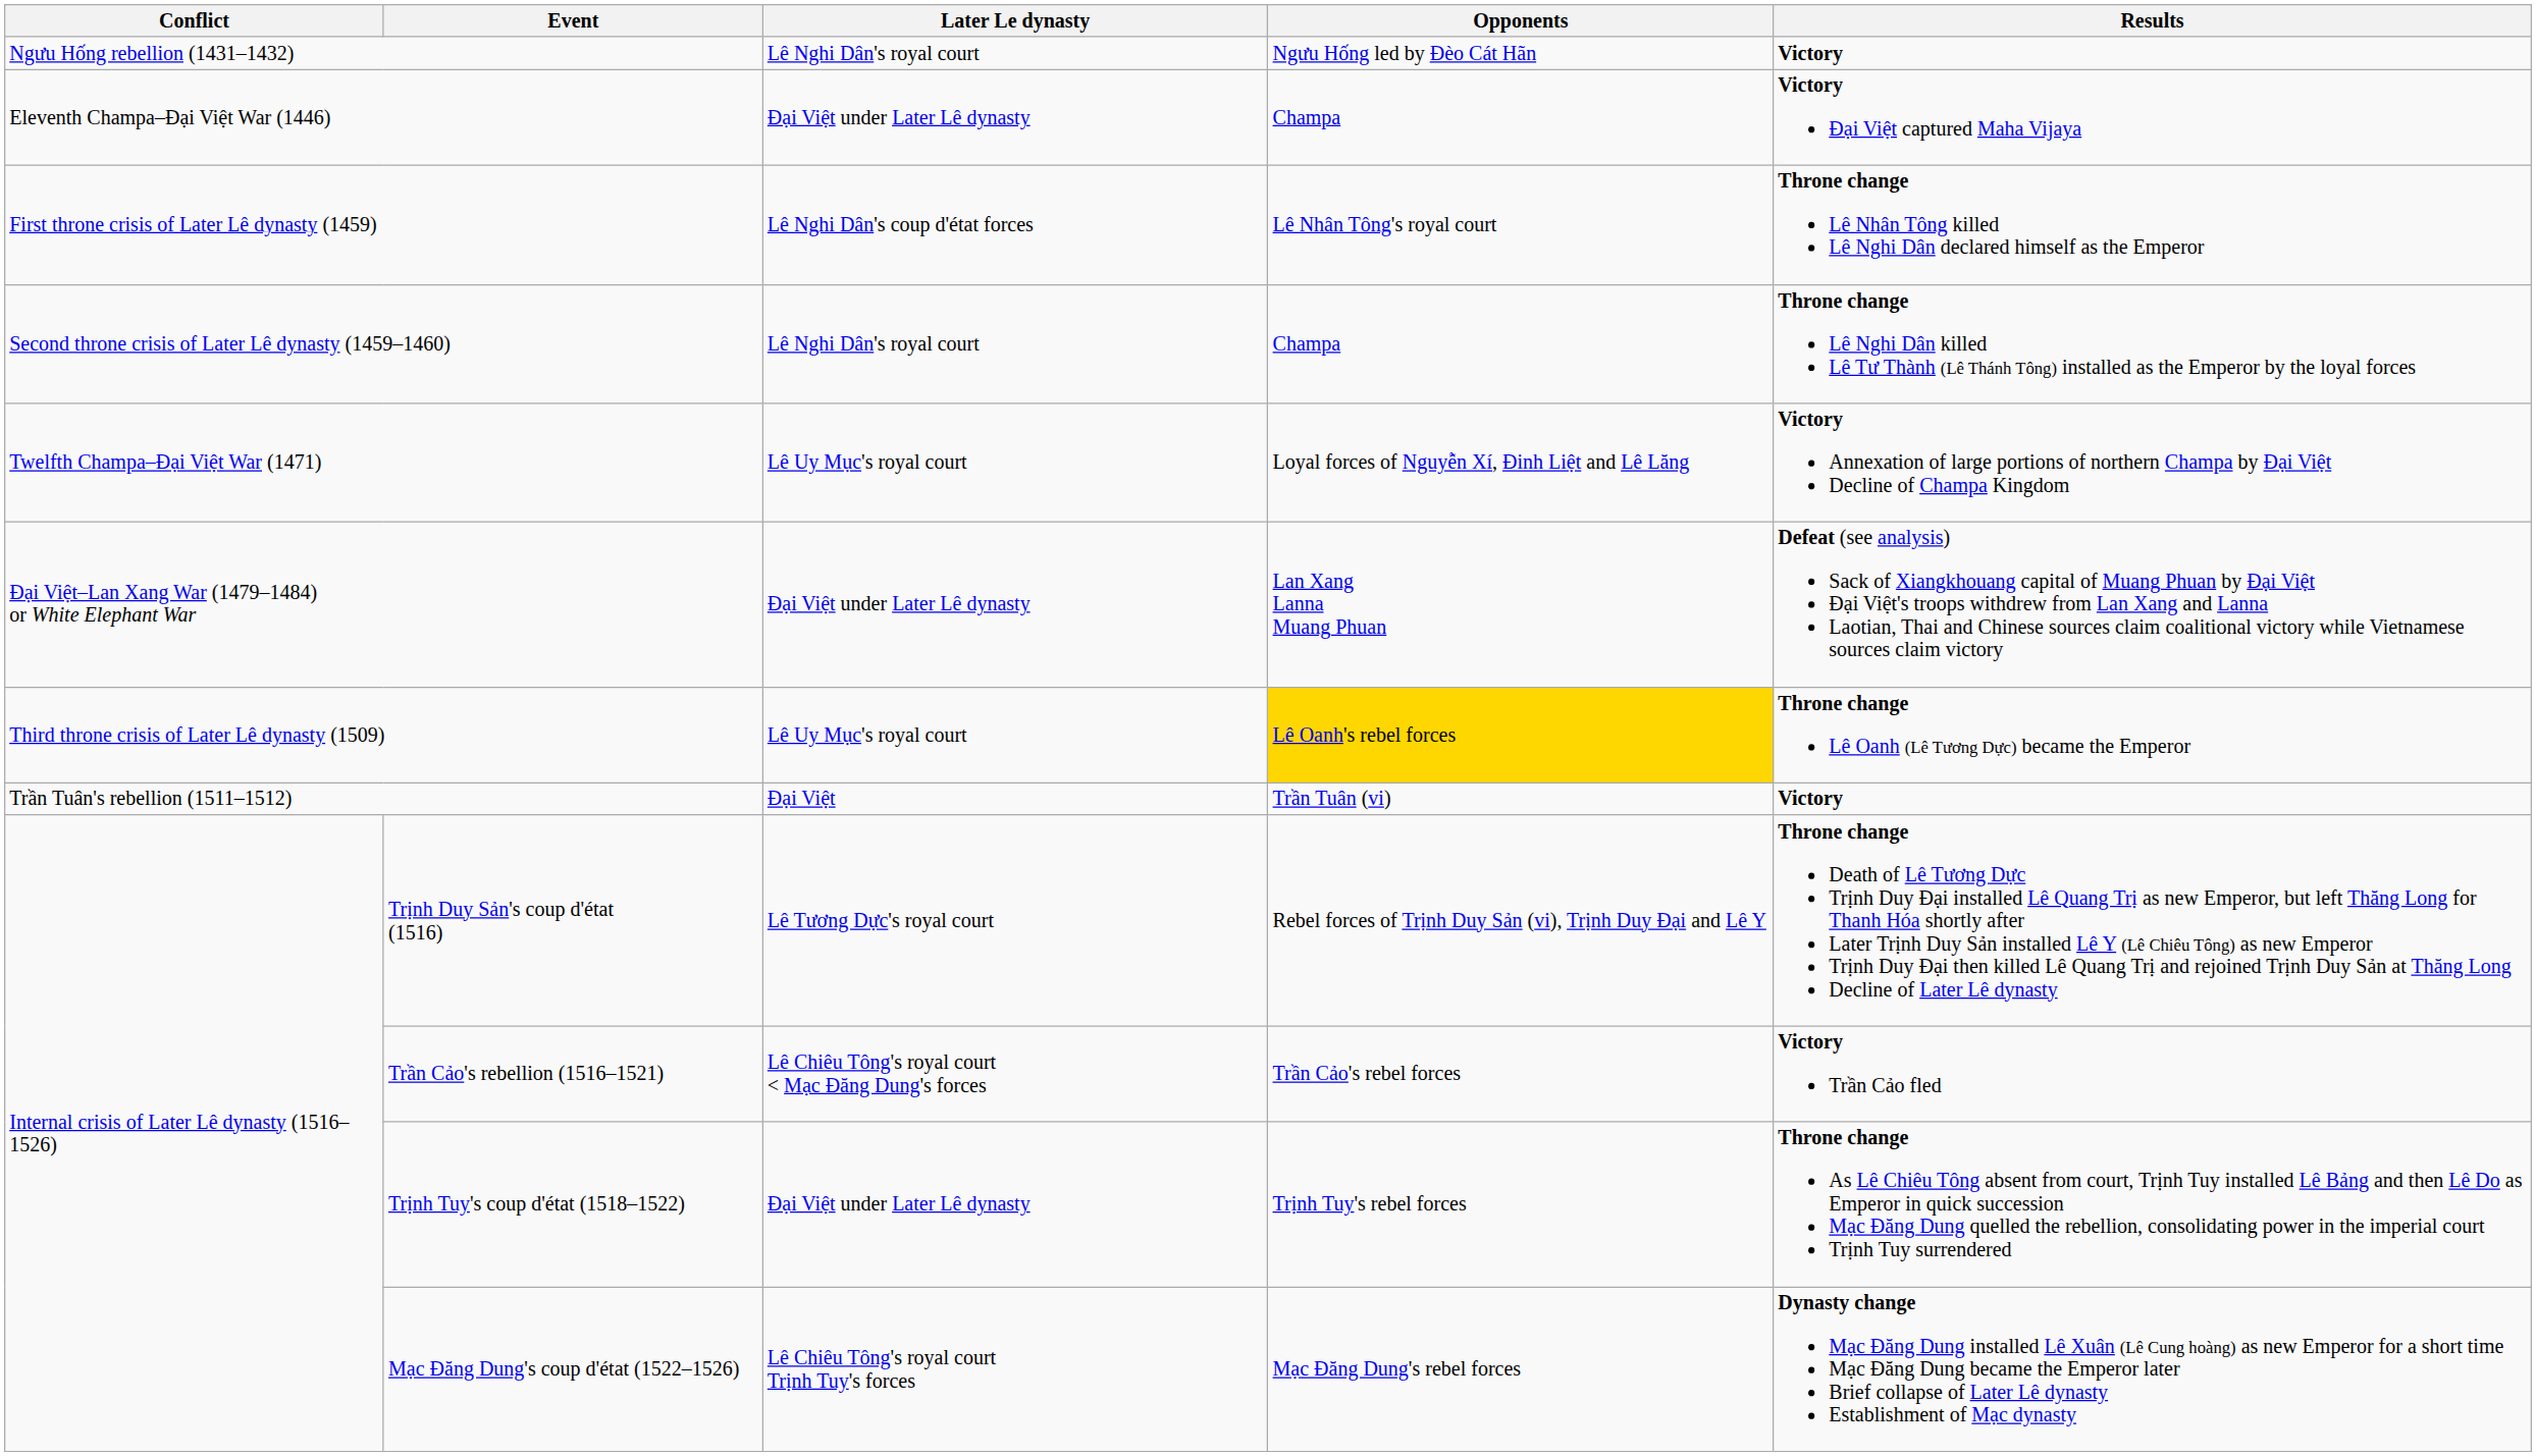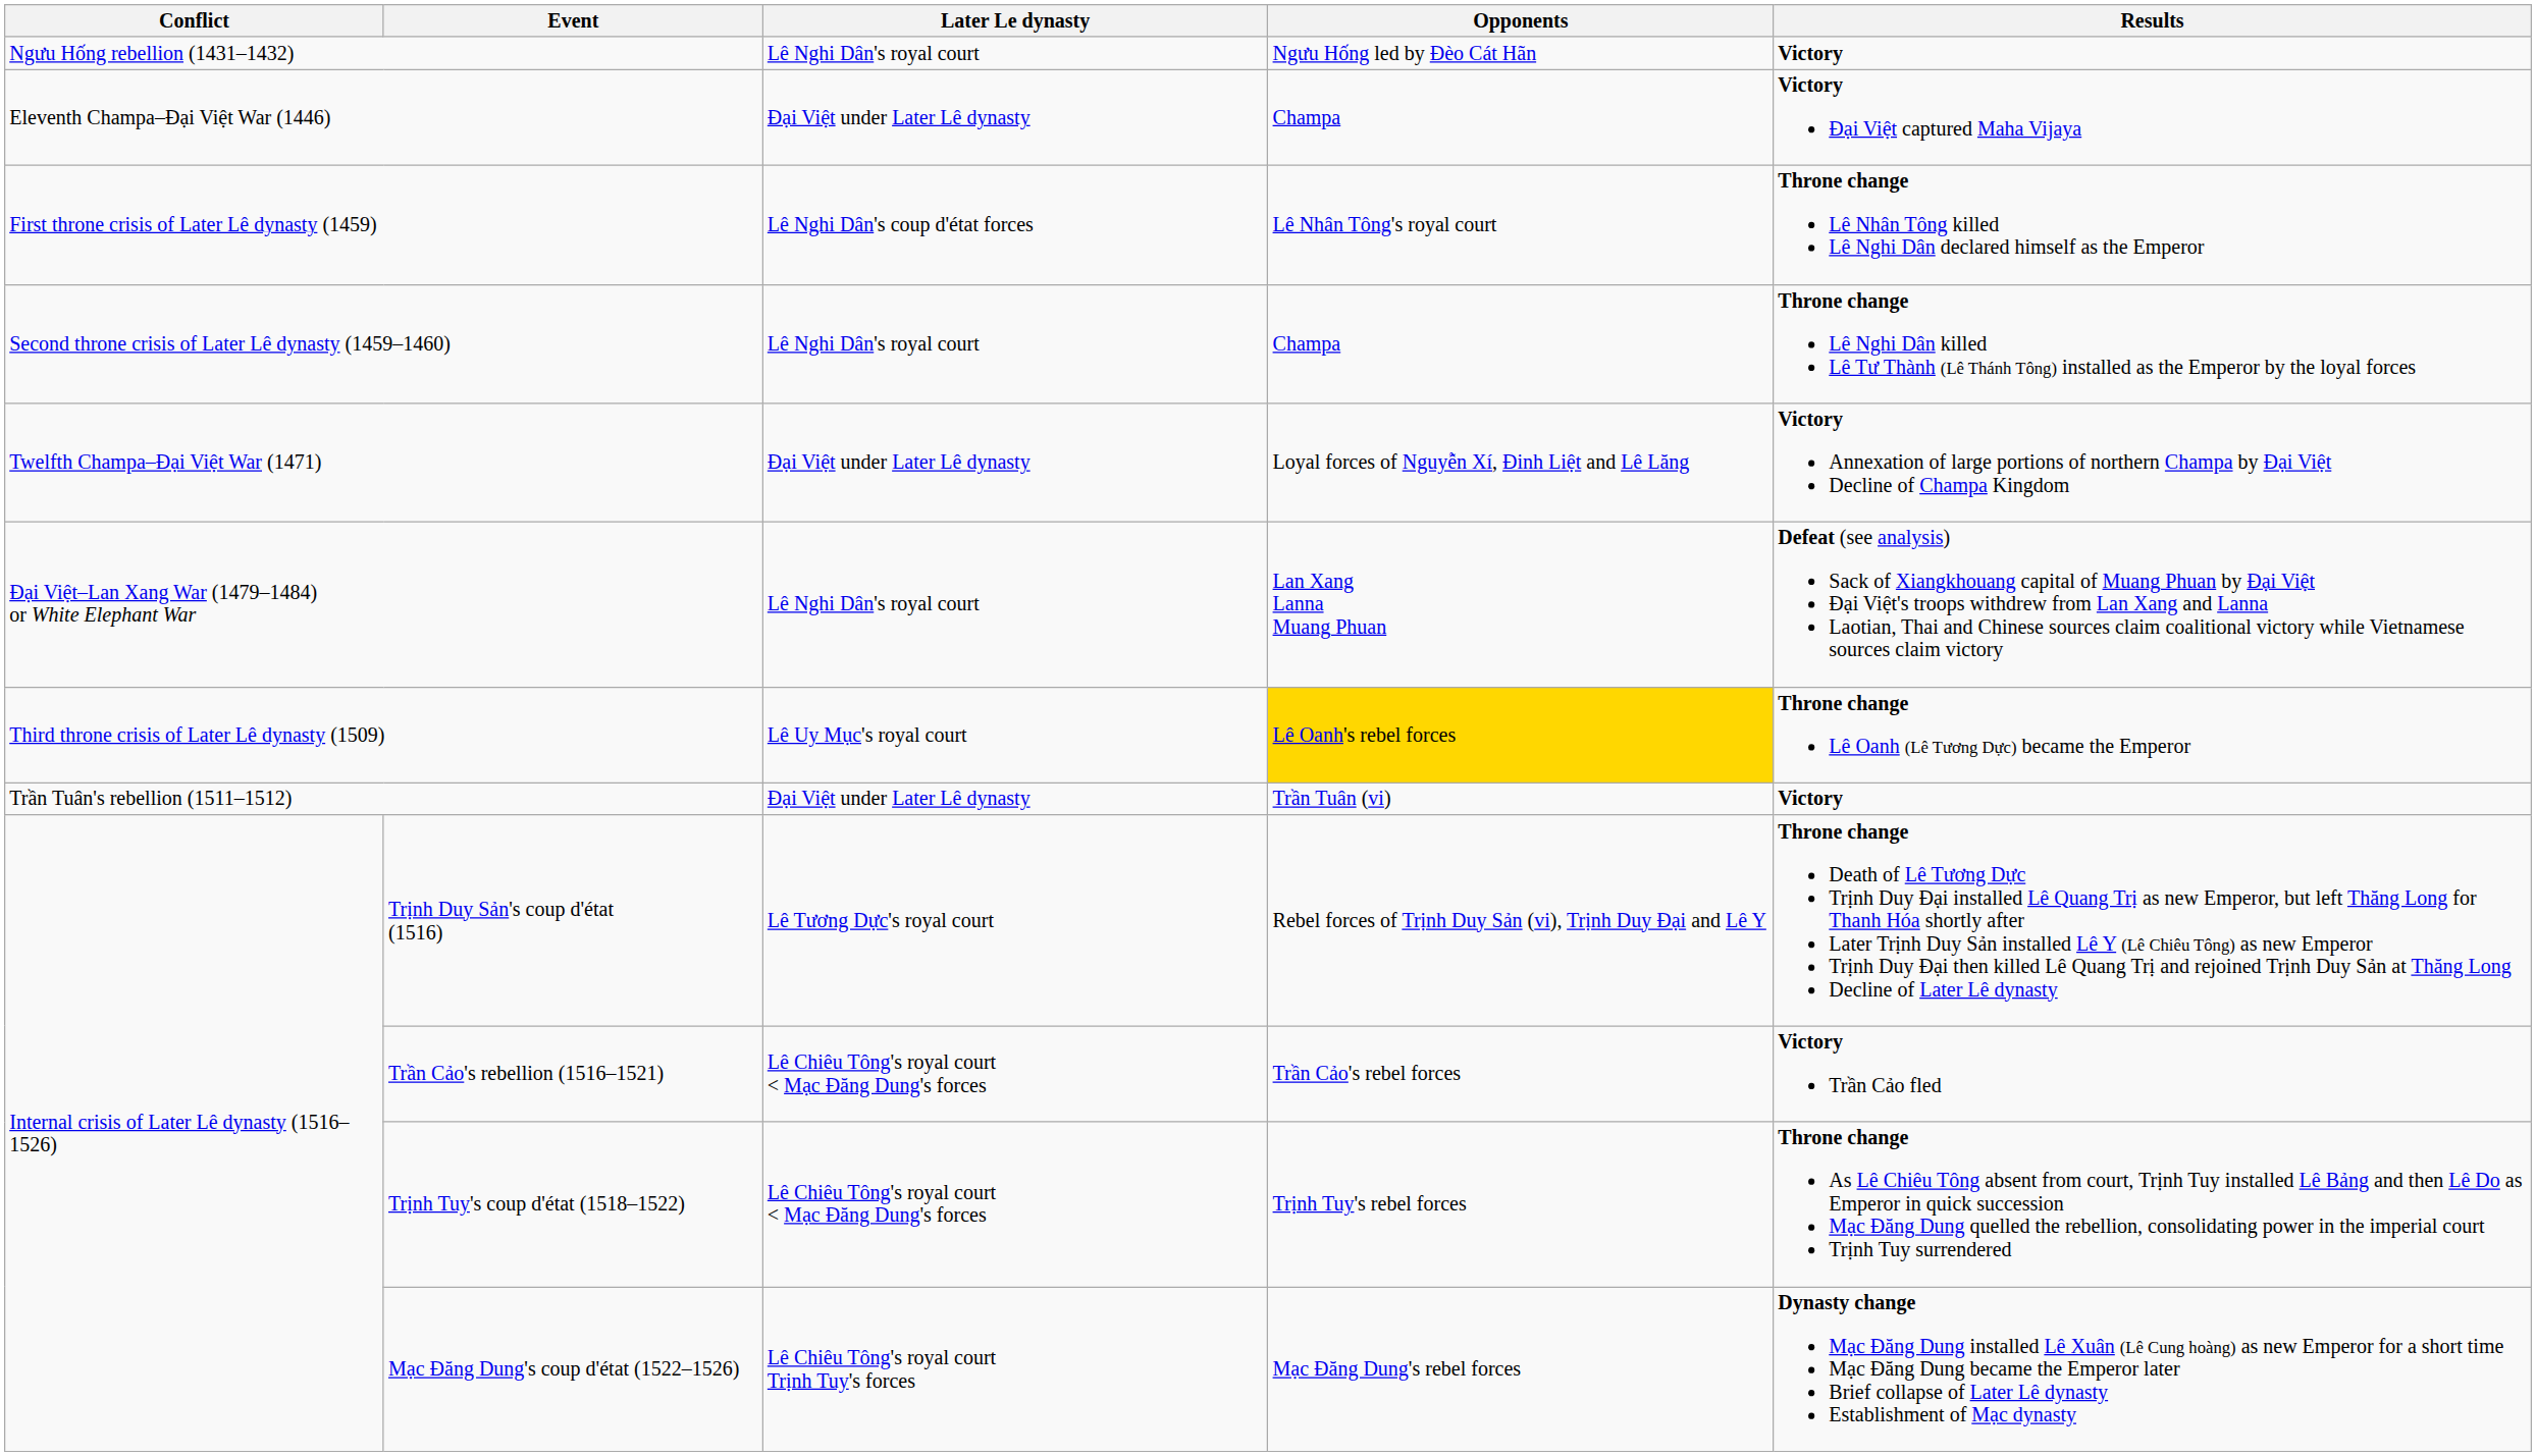 <table class="wikitable" width="100%">
 <tr>
 <th width="15%">Conflict</th>
 <th width="15%">Event</th>
 <th width="20%">Later Le dynasty</th>
 <th width="20%">Opponents</th>
 <th width="30%">Results</th>
 </tr>
 <tr>
 <td colspan = "2"><a href='#'>Ngưu Hống rebellion</a> (1431–1432)</td>
 <td><a href='#'>Lê Nghi Dân</a>'s royal court</td>
 <td><a href='#'>Ngưu Hống</a> led by <a href='#'>Đèo Cát Hãn</a></td>
 <td><strong>Victory</strong></td>
 </tr>
 <tr>
 <td colspan = "2">Eleventh Champa–Đại Việt War (1446)</td>
 <td><a href='#'>Đại Việt</a> under <a href='#'>Later Lê dynasty</a></td>
 <td><a href='#'>Champa</a></td>
 <td><strong>Victory</strong><br><ul><li><a href='#'>Đại Việt</a> captured <a href='#'>Maha Vijaya</a></li></ul></td>
 </tr>
 <tr>
 <td colspan="2"><a href='#'>First throne crisis of Later Lê dynasty</a> (1459)</td>
 <td><a href='#'>Lê Nghi Dân</a>'s coup d'état forces</td>
 <td><a href='#'>Lê Nhân Tông</a>'s royal court</td>
 <td><strong>Throne change</strong><br><ul><li><a href='#'>Lê Nhân Tông</a> killed</li><li><a href='#'>Lê Nghi Dân</a> declared himself as the Emperor</li></ul></td>
 </tr>
 <tr>
 <td colspan="2"><a href='#'>Second throne crisis of Later Lê dynasty</a> (1459–1460)</td>
 <td><a href='#'>Lê Nghi Dân</a>'s royal court</td>
 <td><a href='#'>Champa</a></td>
 <td><strong>Throne change</strong><br><ul><li><a href='#'>Lê Nghi Dân</a> killed</li><li><a href='#'>Lê Tư Thành</a> <small>(Lê Thánh Tông)</small> installed as the Emperor by the loyal forces</li></ul></td>
 </tr>
 <tr>
 <td colspan = "2"><a href='#'>Twelfth Champa–Đại Việt War</a> (1471)</td>
-<td><a href='#'>Lê Uy Mục</a>'s royal court</td>
+<td><a href='#'>Đại Việt</a> under <a href='#'>Later Lê dynasty</a></td>
 <td>Loyal forces of <a href='#'>Nguyễn Xí</a>, <a href='#'>Đinh Liệt</a> and <a href='#'>Lê Lăng</a></td>
 <td><strong>Victory</strong><br><ul><li>Annexation of large portions of northern <a href='#'>Champa</a> by <a href='#'>Đại Việt</a></li><li>Decline of <a href='#'>Champa</a> Kingdom</li></ul></td>
 </tr>
 <tr>
 <td colspan = "2"><a href='#'>Đại Việt–Lan Xang War</a> (1479–1484)<br>or <em>White Elephant War</em></td>
-<td><a href='#'>Đại Việt</a> under <a href='#'>Later Lê dynasty</a></td>
+<td><a href='#'>Lê Nghi Dân</a>'s royal court</td>
 <td><a href='#'>Lan Xang</a><br><a href='#'>Lanna</a><br><a href='#'>Muang Phuan</a></td>
 <td><strong>Defeat</strong> (see <a href='#'>analysis</a>)<br><ul><li>Sack of <a href='#'>Xiangkhouang</a> capital of <a href='#'>Muang Phuan</a> by <a href='#'>Đại Việt</a></li><li>Đại Việt's troops withdrew from <a href='#'>Lan Xang</a> and <a href='#'>Lanna</a></li><li>Laotian, Thai and Chinese sources claim coalitional victory while Vietnamese sources claim victory</li></ul></td>
 </tr>
 <tr>
 <td colspan = "2"><a href='#'>Third throne crisis of Later Lê dynasty</a> (1509)</td>
 <td><a href='#'>Lê Uy Mục</a>'s royal court</td>
 <td style="background: gold;"><a href='#'>Lê Oanh</a>'s rebel forces</td>
 <td><strong>Throne change</strong><br><ul><li><a href='#'>Lê Oanh</a> <small>(Lê Tương Dực)</small> became the Emperor</li></ul></td>
 </tr>
 <tr>
 <td colspan = "2">Trần Tuân's rebellion (1511–1512)</td>
-<td><a href='#'>Đại Việt</a></td>
+<td><a href='#'>Đại Việt</a> under <a href='#'>Later Lê dynasty</a></td>
 <td><a href='#'>Trần Tuân</a> (<a href='#'>vi</a>)</td>
 <td><strong>Victory</strong></td>
 </tr>
 <tr>
 <td rowspan = "4"><a href='#'>Internal crisis of Later Lê dynasty</a> (1516–1526)</td>
 <td><a href='#'>Trịnh Duy Sản</a>'s coup d'état <br>(1516)</td>
 <td><a href='#'>Lê Tương Dực</a>'s royal court</td>
 <td>Rebel forces of <a href='#'>Trịnh Duy Sản</a> (<a href='#'>vi</a>), <a href='#'>Trịnh Duy Đại</a> and <a href='#'>Lê Y</a></td>
 <td><strong>Throne change</strong><br><ul><li>Death of <a href='#'>Lê Tương Dực</a></li><li>Trịnh Duy Đại installed <a href='#'>Lê Quang Trị</a> as new Emperor, but left <a href='#'>Thăng Long</a> for <a href='#'>Thanh Hóa</a> shortly after</li><li>Later Trịnh Duy Sản installed <a href='#'>Lê Y</a> <small>(Lê Chiêu Tông)</small> as new Emperor</li><li>Trịnh Duy Đại then killed Lê Quang Trị and rejoined Trịnh Duy Sản at <a href='#'>Thăng Long</a></li><li>Decline of <a href='#'>Later Lê dynasty</a></li></ul></td>
 </tr>
 <tr>
 <td><a href='#'>Trần Cảo</a>'s rebellion (1516–1521)</td>
 <td><a href='#'>Lê Chiêu Tông</a>'s royal court <br>< <a href='#'>Mạc Đăng Dung</a>'s forces</td>
 <td><a href='#'>Trần Cảo</a>'s rebel forces</td>
 <td><strong>Victory</strong><br><ul><li>Trần Cảo fled</li></ul></td>
 </tr>
 <tr>
 <td><a href='#'>Trịnh Tuy</a>'s coup d'état (1518–1522)</td>
-<td><a href='#'>Đại Việt</a> under <a href='#'>Later Lê dynasty</a></td>
+<td><a href='#'>Lê Chiêu Tông</a>'s royal court <br>< <a href='#'>Mạc Đăng Dung</a>'s forces</td>
 <td><a href='#'>Trịnh Tuy</a>'s rebel forces</td>
 <td><strong>Throne change</strong><br><ul><li>As <a href='#'>Lê Chiêu Tông</a> absent from court, Trịnh Tuy installed <a href='#'>Lê Bảng</a> and then <a href='#'>Lê Do</a> as Emperor in quick succession</li><li><a href='#'>Mạc Đăng Dung</a> quelled the rebellion, consolidating power in the imperial court</li><li>Trịnh Tuy surrendered</li></ul></td>
 </tr>
 <tr>
 <td><a href='#'>Mạc Đăng Dung</a>'s coup d'état (1522–1526)</td>
 <td><a href='#'>Lê Chiêu Tông</a>'s royal court <br> <a href='#'>Trịnh Tuy</a>'s forces</td>
 <td><a href='#'>Mạc Đăng Dung</a>'s rebel forces</td>
 <td><strong>Dynasty change</strong><br><ul><li><a href='#'>Mạc Đăng Dung</a> installed <a href='#'>Lê Xuân</a> <small>(Lê Cung hoàng)</small> as new Emperor for a short time</li><li>Mạc Đăng Dung became the Emperor later</li><li>Brief collapse of <a href='#'>Later Lê dynasty</a></li><li>Establishment of <a href='#'>Mạc dynasty</a></li></ul></td>
 </tr>
 </table>
